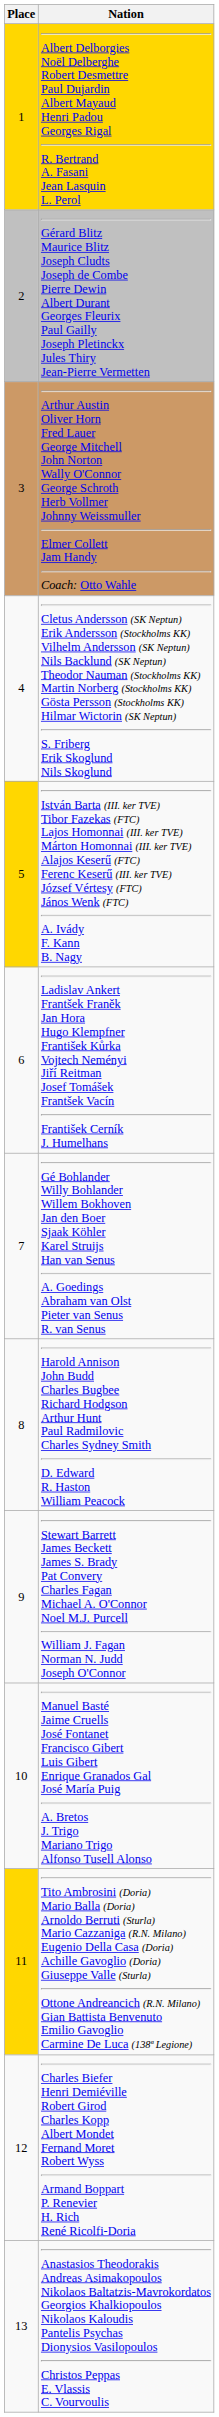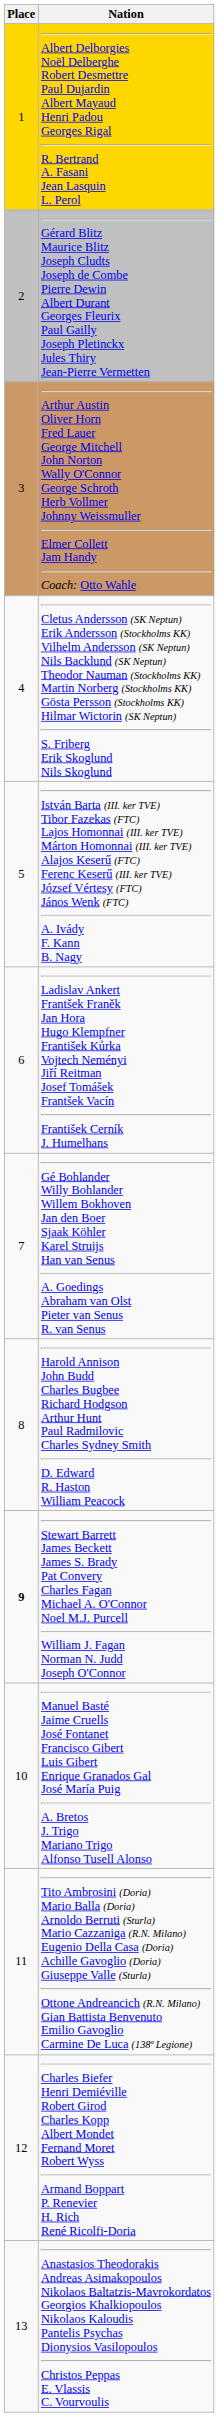 <table class="wikitable">
 <tr>
 <th>Place</th>
 <th>Nation</th>
 </tr>
 <tr align=center bgcolor=gold>
 <td>1</td>
 <td align=left><hr> <a href='#'>Albert Delborgies</a><br><a href='#'>Noël Delberghe</a><br><a href='#'>Robert Desmettre</a><br><a href='#'>Paul Dujardin</a><br><a href='#'>Albert Mayaud</a><br><a href='#'>Henri Padou</a><br><a href='#'>Georges Rigal</a><hr><a href='#'>R. Bertrand</a><br><a href='#'>A. Fasani</a><br><a href='#'>Jean Lasquin</a><br><a href='#'>L. Perol</a></td>
 </tr>
 <tr align=center bgcolor=silver>
 <td>2</td>
 <td align=left><hr> <a href='#'>Gérard Blitz</a><br><a href='#'>Maurice Blitz</a><br><a href='#'>Joseph Cludts</a><br><a href='#'>Joseph de Combe</a><br><a href='#'>Pierre Dewin</a><br><a href='#'>Albert Durant</a><br><a href='#'>Georges Fleurix</a><br><a href='#'>Paul Gailly</a><br><a href='#'>Joseph Pletinckx</a><br><a href='#'>Jules Thiry</a><br><a href='#'>Jean-Pierre Vermetten</a></td>
 </tr>
 <tr align=center bgcolor=cc9966>
 <td>3</td>
 <td align=left><hr> <a href='#'>Arthur Austin</a><br><a href='#'>Oliver Horn</a><br><a href='#'>Fred Lauer</a><br><a href='#'>George Mitchell</a><br><a href='#'>John Norton</a><br><a href='#'>Wally O'Connor</a><br><a href='#'>George Schroth</a><br><a href='#'>Herb Vollmer</a><br><a href='#'>Johnny Weissmuller</a><hr><a href='#'>Elmer Collett</a><br><a href='#'>Jam Handy</a><hr><em>Coach:</em> <a href='#'>Otto Wahle</a></td>
 </tr>
 <tr align=center>
 <td>4</td>
 <td align=left><hr><a href='#'>Cletus Andersson</a> <small><em>(SK Neptun)</em></small><br><a href='#'>Erik Andersson</a> <small><em>(Stockholms KK)</em></small><br><a href='#'>Vilhelm Andersson</a> <small><em>(SK Neptun)</em></small><br><a href='#'>Nils Backlund</a> <small><em>(SK Neptun)</em></small><br><a href='#'>Theodor Nauman</a> <small><em>(Stockholms KK)</em></small><br><a href='#'>Martin Norberg</a> <small><em>(Stockholms KK)</em></small><br><a href='#'>Gösta Persson</a> <small><em>(Stockholms KK)</em></small><br><a href='#'>Hilmar Wictorin</a> <small><em>(SK Neptun)</em></small><hr><a href='#'>S. Friberg</a><br><a href='#'>Erik Skoglund</a><br><a href='#'>Nils Skoglund</a></td>
 </tr>
 <tr align=center>
-<td style="background: gold;">5</td>
+<td>5</td>
 <td align=left><hr><a href='#'>István Barta</a> <small><em>(III. ker TVE)</em></small><br><a href='#'>Tibor Fazekas</a> <small><em>(FTC)</em></small><br><a href='#'>Lajos Homonnai</a> <small><em>(III. ker TVE)</em></small><br><a href='#'>Márton Homonnai</a> <small><em>(III. ker TVE)</em></small><br><a href='#'>Alajos Keserű</a> <small><em>(FTC)</em></small><br><a href='#'>Ferenc Keserű</a> <small><em>(III. ker TVE)</em></small><br><a href='#'>József Vértesy</a> <small><em>(FTC)</em></small><br><a href='#'>János Wenk</a> <small><em>(FTC)</em></small><hr><a href='#'>A. Ivády</a><br><a href='#'>F. Kann</a><br><a href='#'>B. Nagy</a></td>
 </tr>
 <tr align=center>
 <td>6</td>
 <td align=left><hr><a href='#'>Ladislav Ankert</a><br><a href='#'>Frantšek Franěk</a><br><a href='#'>Jan Hora</a><br><a href='#'>Hugo Klempfner</a><br><a href='#'>František Kůrka</a><br><a href='#'>Vojtech Neményi</a><br><a href='#'>Jiří Reitman</a><br><a href='#'>Josef Tomášek</a><br><a href='#'>Frantšek Vacín</a><hr><a href='#'>František Cerník</a><br><a href='#'>J. Humelhans</a></td>
 </tr>
 <tr align=center>
 <td>7</td>
 <td align=left><hr><a href='#'>Gé Bohlander</a><br><a href='#'>Willy Bohlander</a><br><a href='#'>Willem Bokhoven</a><br><a href='#'>Jan den Boer</a><br><a href='#'>Sjaak Köhler</a><br><a href='#'>Karel Struijs</a><br><a href='#'>Han van Senus</a><hr><a href='#'>A. Goedings</a><br><a href='#'>Abraham van Olst</a><br><a href='#'>Pieter van Senus</a><br><a href='#'>R. van Senus</a></td>
 </tr>
 <tr align=center>
 <td>8</td>
 <td align=left><hr><a href='#'>Harold Annison</a><br><a href='#'>John Budd</a><br><a href='#'>Charles Bugbee</a><br><a href='#'>Richard Hodgson</a><br><a href='#'>Arthur Hunt</a><br><a href='#'>Paul Radmilovic</a><br><a href='#'>Charles Sydney Smith</a><hr><a href='#'>D. Edward</a><br><a href='#'>R. Haston</a><br><a href='#'>William Peacock</a></td>
 </tr>
 <tr align=center>
-<td>9</td>
+<td><strong>9</strong></td>
 <td align=left><hr><a href='#'>Stewart Barrett</a><br><a href='#'>James Beckett</a><br><a href='#'>James S. Brady</a><br><a href='#'>Pat Convery</a><br><a href='#'>Charles Fagan</a><br><a href='#'>Michael A. O'Connor</a><br><a href='#'>Noel M.J. Purcell</a><hr><a href='#'>William J. Fagan</a><br><a href='#'>Norman N. Judd</a><br><a href='#'>Joseph O'Connor</a></td>
 </tr>
 <tr align=center>
 <td>10</td>
 <td align=left><hr><a href='#'>Manuel Basté</a><br><a href='#'>Jaime Cruells</a><br><a href='#'>José Fontanet</a><br><a href='#'>Francisco Gibert</a><br><a href='#'>Luis Gibert</a><br><a href='#'>Enrique Granados Gal</a><br><a href='#'>José María Puig</a><hr><a href='#'>A. Bretos</a><br><a href='#'>J. Trigo</a><br><a href='#'>Mariano Trigo</a><br><a href='#'>Alfonso Tusell Alonso</a></td>
 </tr>
 <tr align=center>
-<td style="background: gold;">11</td>
+<td>11</td>
 <td align=left><hr><a href='#'>Tito Ambrosini</a> <small><em>(Doria)</em></small><br><a href='#'>Mario Balla</a> <small><em>(Doria)</em></small><br><a href='#'>Arnoldo Berruti</a> <small><em>(Sturla)</em></small><br><a href='#'>Mario Cazzaniga</a> <small><em>(R.N. Milano)</em></small><br><a href='#'>Eugenio Della Casa</a> <small><em>(Doria)</em></small><br><a href='#'>Achille Gavoglio</a> <small><em>(Doria)</em></small><br><a href='#'>Giuseppe Valle</a> <small><em>(Sturla)</em></small><hr><a href='#'>Ottone Andreancich</a> <small><em>(R.N. Milano)</em></small><br><a href='#'>Gian Battista Benvenuto</a><br><a href='#'>Emilio Gavoglio</a><br><a href='#'>Carmine De Luca</a> <small><em>(138ª Legione)</em></small></td>
 </tr>
 <tr align=center>
 <td>12</td>
 <td align=left><hr><a href='#'>Charles Biefer</a><br><a href='#'>Henri Demiéville</a><br><a href='#'>Robert Girod</a><br><a href='#'>Charles Kopp</a><br><a href='#'>Albert Mondet</a><br><a href='#'>Fernand Moret</a><br><a href='#'>Robert Wyss</a><hr><a href='#'>Armand Boppart</a><br><a href='#'>P. Renevier</a><br><a href='#'>H. Rich</a><br><a href='#'>René Ricolfi-Doria</a></td>
 </tr>
 <tr align=center>
 <td>13</td>
 <td align=left><hr><a href='#'>Anastasios Theodorakis</a><br><a href='#'>Andreas Asimakopoulos</a><br><a href='#'>Nikolaos Baltatzis-Mavrokordatos</a><br><a href='#'>Georgios Khalkiopoulos</a><br><a href='#'>Nikolaos Kaloudis</a><br><a href='#'>Pantelis Psychas</a><br><a href='#'>Dionysios Vasilopoulos</a><hr><a href='#'>Christos Peppas</a><br><a href='#'>E. Vlassis</a><br><a href='#'>C. Vourvoulis</a></td>
 </tr>
 </table>
